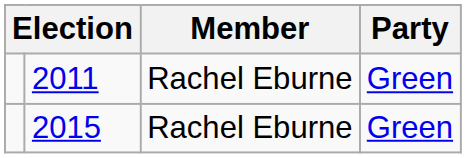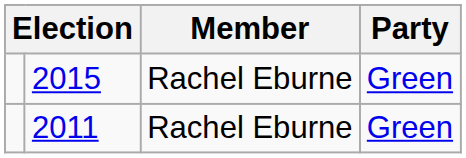 <table class="wikitable">
 <tr>
 <th colspan="2">Election</th>
 <th>Member</th>
 <th>Party</th>
 </tr>
 <tr>
 <td style="background-color: "></td>
-<td><a href='#'>2011</a></td>
+<td><a href='#'>2015</a></td>
 <td>Rachel Eburne</td>
 <td><a href='#'>Green</a></td>
 </tr>
 <tr>
 <td style="background-color: "></td>
-<td><a href='#'>2015</a></td>
+<td><a href='#'>2011</a></td>
 <td>Rachel Eburne</td>
 <td><a href='#'>Green</a></td>
 </tr>
 </table>
